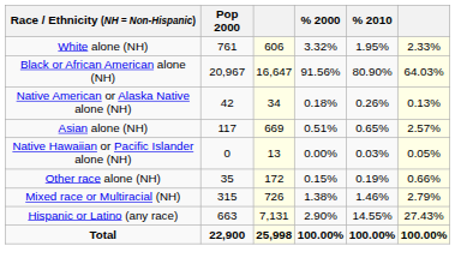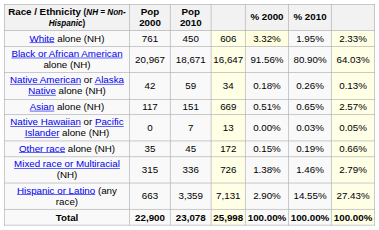 <table class="wikitable" style="text-align:center;">
 <tr>
 <th>Race / Ethnicity <small>(<em>NH = Non-Hispanic</em>)</small></th>
 <th>Pop 2000</th>
+<th>Pop 2010</th>
 <th></th>
 <th>% 2000</th>
 <th>% 2010</th>
 <th></th>
 </tr>
 <tr>
 <td><a href='#'>White</a> alone (NH)</td>
 <td>761</td>
+<td>450</td>
 <td style='background: #ffffe6;'>606</td>
-<td>3.32%</td>
+<td style="background: lightyellow;">3.32%</td>
 <td>1.95%</td>
 <td style='background: #ffffe6;'>2.33%</td>
 </tr>
 <tr>
 <td><a href='#'>Black or African American</a> alone (NH)</td>
 <td>20,967</td>
+<td>18,671</td>
 <td style='background: #ffffe6;'>16,647</td>
 <td>91.56%</td>
 <td>80.90%</td>
 <td style='background: #ffffe6;'>64.03%</td>
 </tr>
 <tr>
 <td><a href='#'>Native American</a> or <a href='#'>Alaska Native</a> alone (NH)</td>
 <td>42</td>
+<td>59</td>
 <td style='background: #ffffe6;'>34</td>
 <td>0.18%</td>
 <td>0.26%</td>
 <td style='background: #ffffe6;'>0.13%</td>
 </tr>
 <tr>
 <td><a href='#'>Asian</a> alone (NH)</td>
 <td>117</td>
+<td>151</td>
 <td style='background: #ffffe6;'>669</td>
 <td>0.51%</td>
 <td>0.65%</td>
 <td style='background: #ffffe6;'>2.57%</td>
 </tr>
 <tr>
 <td><a href='#'>Native Hawaiian</a> or <a href='#'>Pacific Islander</a> alone (NH)</td>
 <td>0</td>
+<td>7</td>
 <td style='background: #ffffe6;'>13</td>
 <td>0.00%</td>
 <td>0.03%</td>
 <td style='background: #ffffe6;'>0.05%</td>
 </tr>
 <tr>
 <td><a href='#'>Other race</a> alone (NH)</td>
 <td>35</td>
+<td>45</td>
 <td style='background: #ffffe6;'>172</td>
 <td>0.15%</td>
 <td>0.19%</td>
 <td style='background: #ffffe6;'>0.66%</td>
 </tr>
 <tr>
 <td><a href='#'>Mixed race or Multiracial</a> (NH)</td>
 <td>315</td>
+<td>336</td>
 <td style='background: #ffffe6;'>726</td>
 <td>1.38%</td>
 <td>1.46%</td>
 <td style='background: #ffffe6;'>2.79%</td>
 </tr>
 <tr>
 <td><a href='#'>Hispanic or Latino</a> (any race)</td>
 <td>663</td>
+<td>3,359</td>
 <td style='background: #ffffe6;'>7,131</td>
 <td>2.90%</td>
 <td>14.55%</td>
 <td style='background: #ffffe6;'>27.43%</td>
 </tr>
 <tr>
 <td><strong>Total</strong></td>
 <td><strong>22,900</strong></td>
+<td><strong>23,078</strong></td>
 <td style='background: #ffffe6;'><strong>25,998</strong></td>
 <td><strong>100.00%</strong></td>
 <td><strong>100.00%</strong></td>
 <td style='background: #ffffe6;'><strong>100.00%</strong></td>
 </tr>
 </table>
